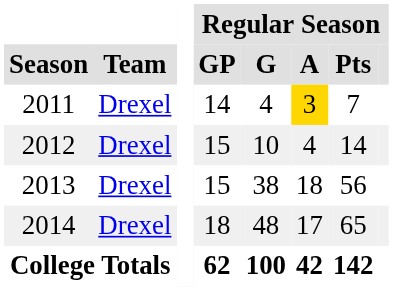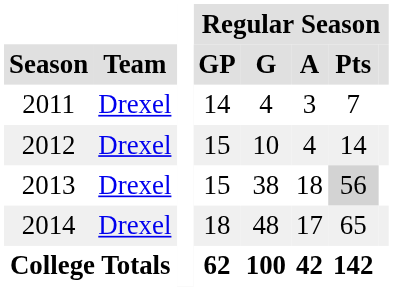 <table BORDER="0" CELLPADDING="3" CELLSPACING="0">
 <tr ALIGN="center" bgcolor="#e0e0e0">
 <th colspan="2" bgcolor="#ffffff"> </th>
 <th rowspan="99" bgcolor="#ffffff"> </th>
 <th colspan="6">Regular Season</th>
 </tr>
 <tr ALIGN="center" bgcolor="#e0e0e0">
 <th>Season</th>
 <th>Team</th>
 <th>GP</th>
 <th>G</th>
 <th>A</th>
 <th>Pts</th>
 <th></th>
 </tr>
 <tr ALIGN="center">
 <td>2011</td>
 <td><a href='#'>Drexel</a></td>
 <td>14</td>
 <td>4</td>
-<td style="background: gold;">3</td>
+<td>3</td>
 <td>7</td>
 <td></td>
 </tr>
 <tr ALIGN="center" bgcolor="#f0f0f0">
 <td>2012</td>
 <td><a href='#'>Drexel</a></td>
 <td>15</td>
 <td>10</td>
 <td>4</td>
 <td>14</td>
 <td></td>
 </tr>
 <tr ALIGN="center">
 <td>2013</td>
 <td><a href='#'>Drexel</a></td>
 <td>15</td>
 <td>38</td>
 <td>18</td>
-<td>56</td>
+<td style="background: lightgrey;">56</td>
 <td></td>
 </tr>
 <tr ALIGN="center" bgcolor="#f0f0f0">
 <td>2014</td>
 <td><a href='#'>Drexel</a></td>
 <td>18</td>
 <td>48</td>
 <td>17</td>
 <td>65</td>
 <td></td>
 </tr>
 <tr ALIGN="center">
 <th colspan="2">College Totals</th>
 <th>62</th>
 <th>100</th>
 <th>42</th>
 <th>142</th>
 <th></th>
 </tr>
 </table>
